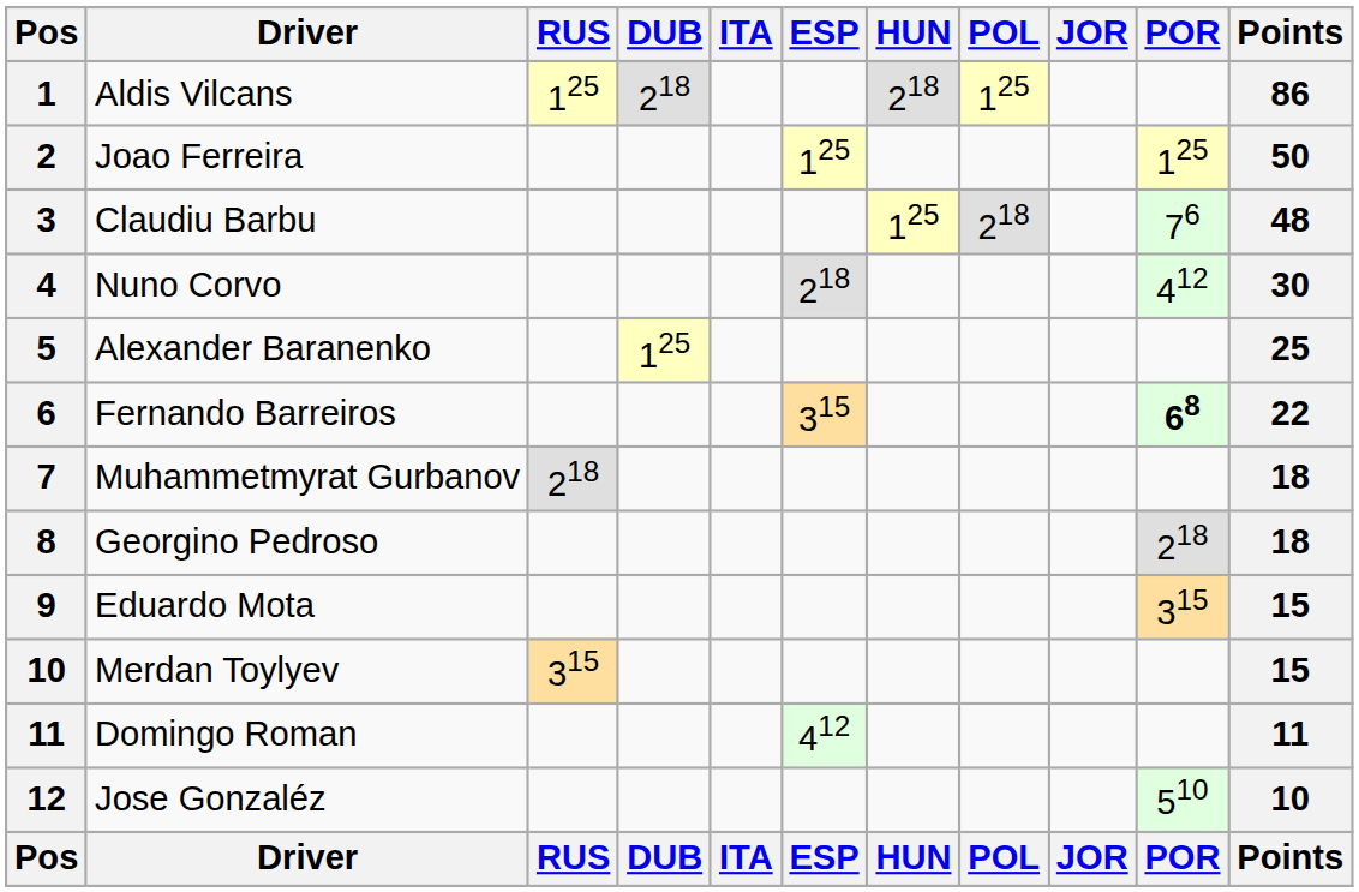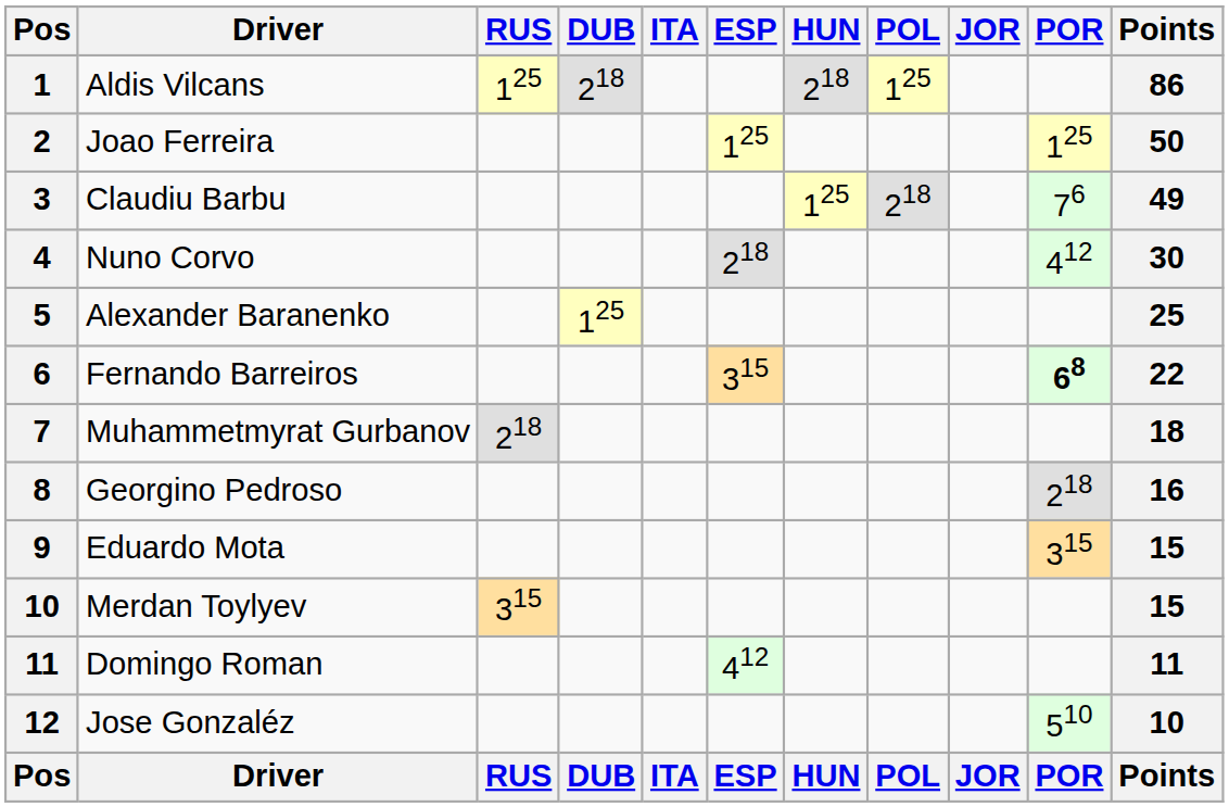 <table class="wikitable" style="font-size: 85%; text-align: center; display: inline-table;">
 <tr valign="top">
 <th valign="middle">Pos</th>
 <th valign="middle">Driver</th>
 <th><a href='#'>RUS</a><br></th>
 <th><a href='#'>DUB</a><br></th>
 <th><a href='#'>ITA</a><br></th>
 <th><a href='#'>ESP</a><br></th>
 <th><a href='#'>HUN</a><br></th>
 <th><a href='#'>POL</a><br></th>
 <th><a href='#'>JOR</a><br></th>
 <th><a href='#'>POR</a><br></th>
 <th valign="middle">Points</th>
 </tr>
 <tr>
 <th>1</th>
 <td align=left> Aldis Vilcans</td>
 <td style="background:#ffffbf;">1<sup>25</sup></td>
 <td style="background:#dfdfdf;">2<sup>18</sup></td>
 <td></td>
 <td></td>
 <td style="background:#dfdfdf;">2<sup>18</sup></td>
 <td style="background:#ffffbf;">1<sup>25</sup></td>
 <td></td>
 <td></td>
 <th>86</th>
 </tr>
 <tr>
 <th>2</th>
 <td align=left> Joao Ferreira</td>
 <td></td>
 <td></td>
 <td></td>
 <td style="background:#ffffbf;">1<sup>25</sup></td>
 <td></td>
 <td></td>
 <td></td>
 <td style="background:#ffffbf;">1<sup>25</sup></td>
 <th>50</th>
 </tr>
 <tr>
 <th>3</th>
 <td align=left> Claudiu Barbu</td>
 <td></td>
 <td></td>
 <td></td>
 <td></td>
 <td style="background:#ffffbf;">1<sup>25</sup></td>
 <td style="background:#dfdfdf;">2<sup>18</sup></td>
 <td></td>
 <td style="background:#dfffdf;">7<sup>6</sup></td>
-<th>48</th>
+<th>49</th>
 </tr>
 <tr>
 <th>4</th>
 <td align=left> Nuno Corvo</td>
 <td></td>
 <td></td>
 <td></td>
 <td style="background:#dfdfdf;">2<sup>18</sup></td>
 <td></td>
 <td></td>
 <td></td>
 <td style="background:#dfffdf;">4<sup>12</sup></td>
 <th>30</th>
 </tr>
 <tr>
 <th>5</th>
 <td align=left> Alexander Baranenko</td>
 <td></td>
 <td style="background:#ffffbf;">1<sup>25</sup></td>
 <td></td>
 <td></td>
 <td></td>
 <td></td>
 <td></td>
 <td></td>
 <th>25</th>
 </tr>
 <tr>
 <th>6</th>
 <td align=left> Fernando Barreiros</td>
 <td></td>
 <td></td>
 <td></td>
 <td style="background:#ffdf9f;">3<sup>15</sup></td>
 <td></td>
 <td></td>
 <td></td>
 <td style="background:#dfffdf;"><strong>6<sup>8</sup></strong></td>
 <th>22</th>
 </tr>
 <tr>
 <th>7</th>
 <td align=left> Muhammetmyrat Gurbanov</td>
 <td style="background:#dfdfdf;">2<sup>18</sup></td>
 <td></td>
 <td></td>
 <td></td>
 <td></td>
 <td></td>
 <td></td>
 <td></td>
 <th>18</th>
 </tr>
 <tr>
 <th>8</th>
 <td align=left> Georgino Pedroso</td>
 <td></td>
 <td></td>
 <td></td>
 <td></td>
 <td></td>
 <td></td>
 <td></td>
 <td style="background:#dfdfdf;">2<sup>18</sup></td>
-<th>18</th>
+<th>16</th>
 </tr>
 <tr>
 <th>9</th>
 <td align=left> Eduardo Mota</td>
 <td></td>
 <td></td>
 <td></td>
 <td></td>
 <td></td>
 <td></td>
 <td></td>
 <td style="background:#ffdf9f;">3<sup>15</sup></td>
 <th>15</th>
 </tr>
 <tr>
 <th>10</th>
 <td align=left> Merdan Toylyev</td>
 <td style="background:#ffdf9f;">3<sup>15</sup></td>
 <td></td>
 <td></td>
 <td></td>
 <td></td>
 <td></td>
 <td></td>
 <td></td>
 <th>15</th>
 </tr>
 <tr>
 <th>11</th>
 <td align=left> Domingo Roman</td>
 <td></td>
 <td></td>
 <td></td>
 <td style="background:#dfffdf;">4<sup>12</sup></td>
 <td></td>
 <td></td>
 <td></td>
 <td></td>
 <th>11</th>
 </tr>
 <tr>
 <th>12</th>
 <td align=left> Jose Gonzaléz</td>
 <td></td>
 <td></td>
 <td></td>
 <td></td>
 <td></td>
 <td></td>
 <td></td>
 <td style="background:#dfffdf;">5<sup>10</sup></td>
 <th>10</th>
 </tr>
 <tr valign="top">
 <th valign="middle">Pos</th>
 <th valign="middle">Driver</th>
 <th><a href='#'>RUS</a><br></th>
 <th><a href='#'>DUB</a><br></th>
 <th><a href='#'>ITA</a><br></th>
 <th><a href='#'>ESP</a><br></th>
 <th><a href='#'>HUN</a><br></th>
 <th><a href='#'>POL</a><br></th>
 <th><a href='#'>JOR</a><br></th>
 <th><a href='#'>POR</a><br></th>
 <th valign="middle">Points</th>
 </tr>
 </table>
